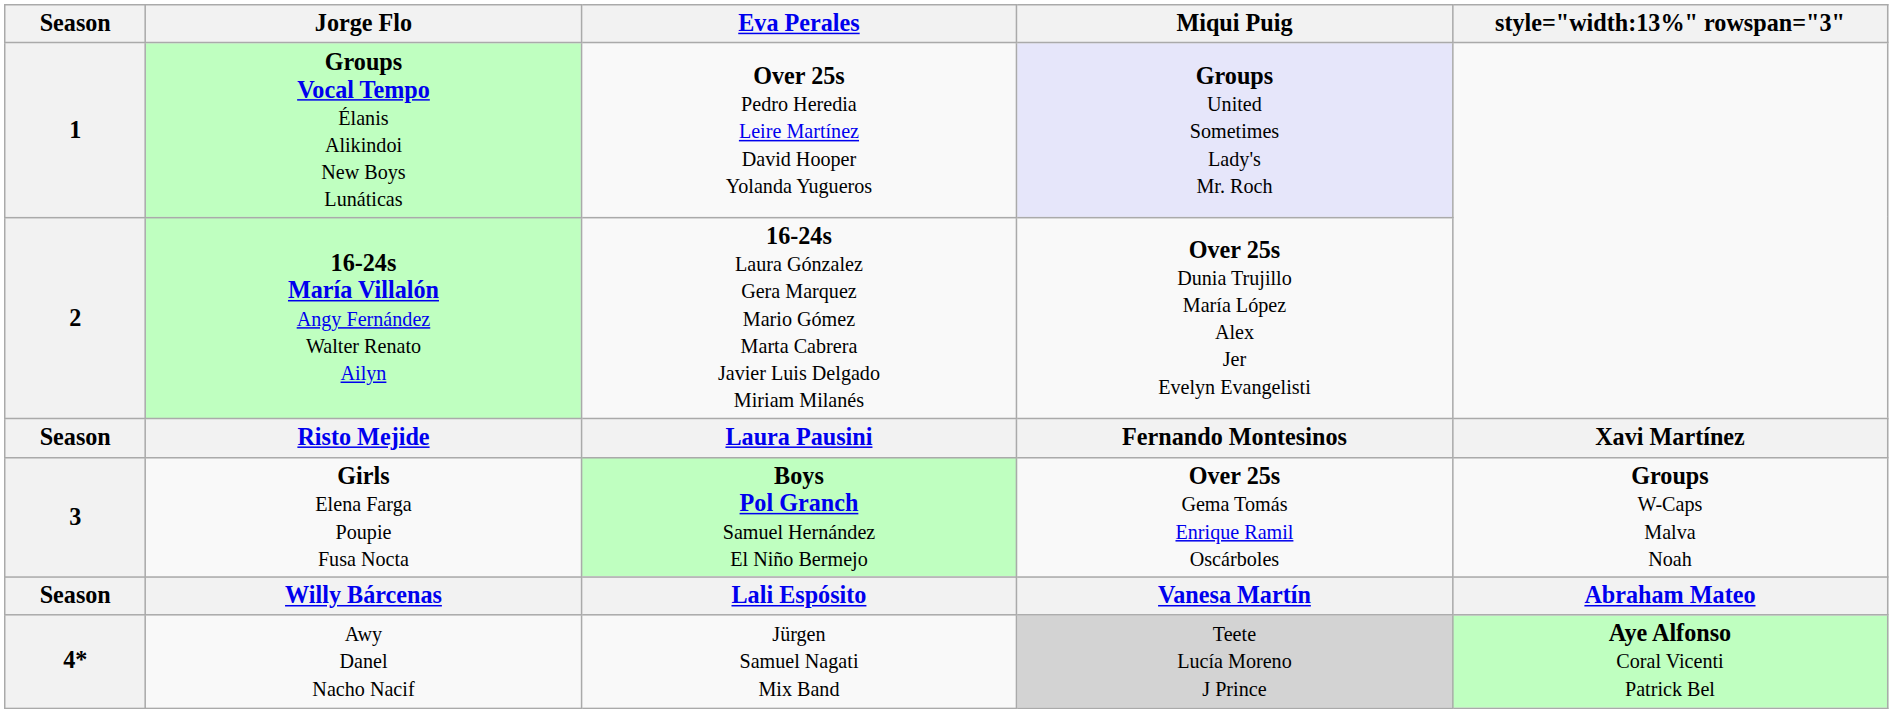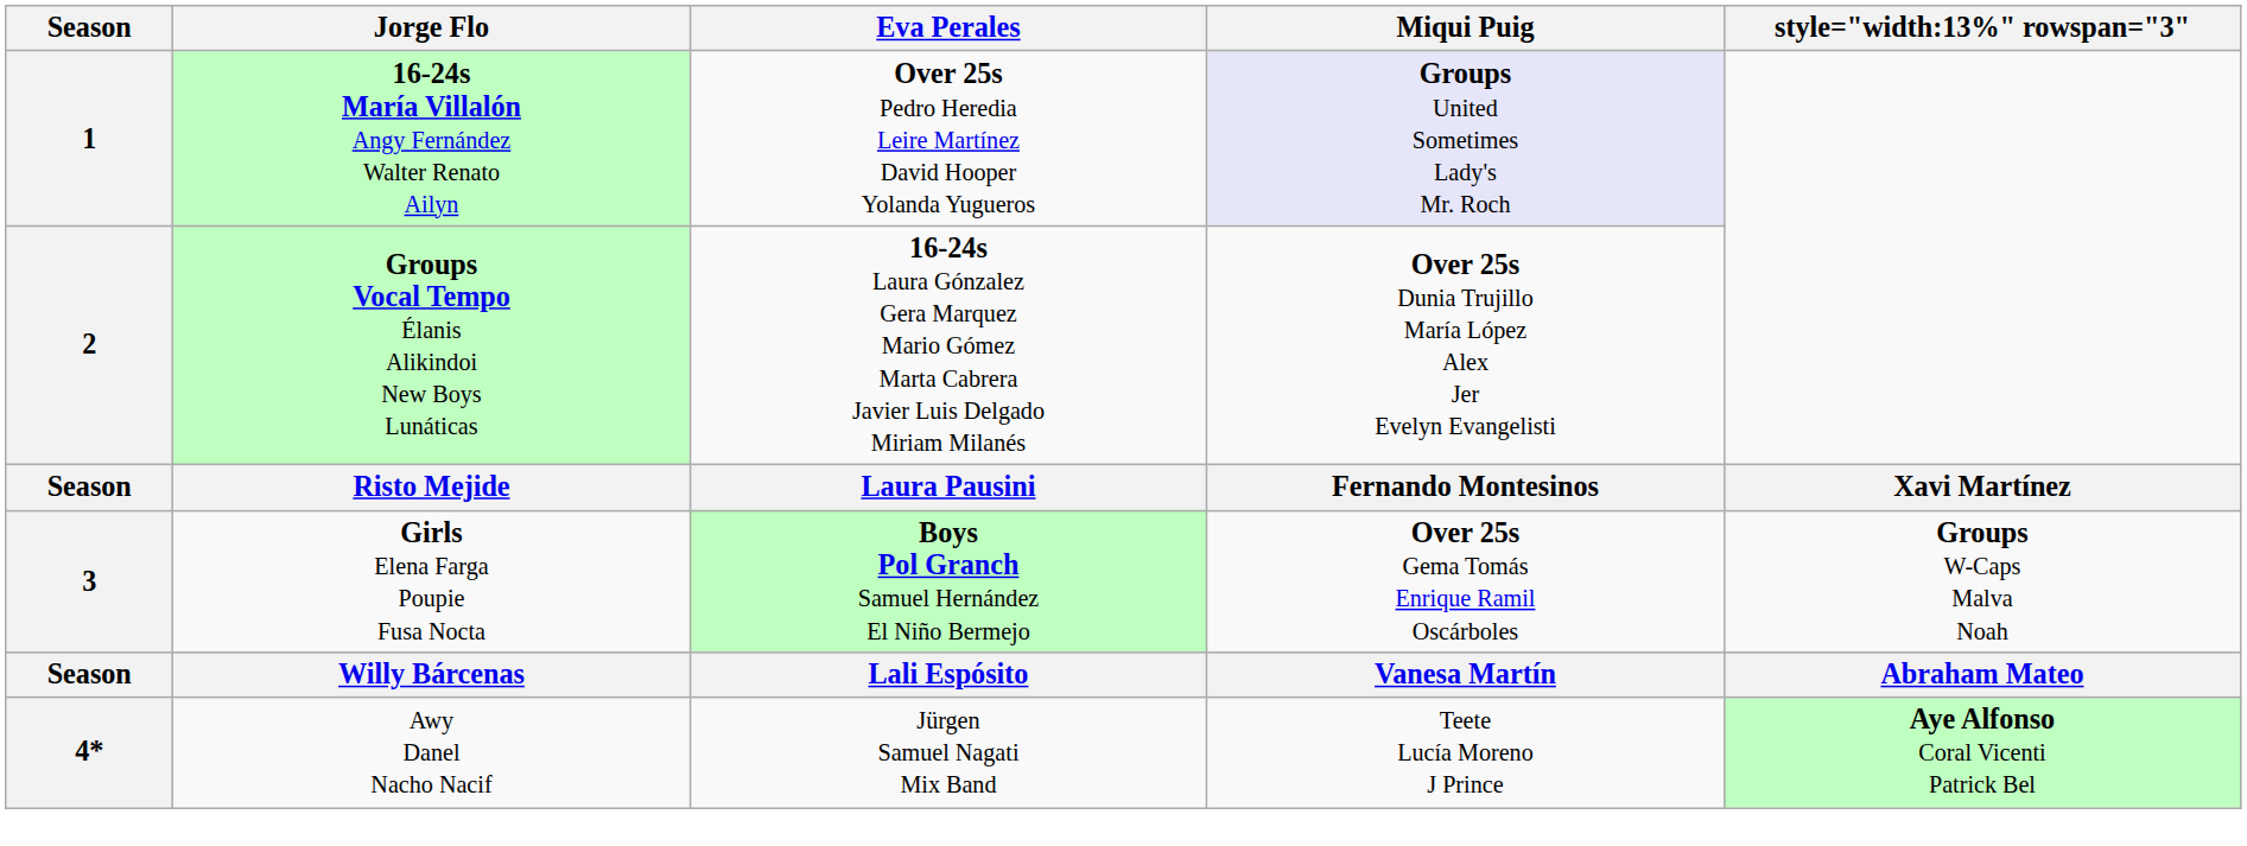 <table class="wikitable" style="text-align:center">
 <tr>
 <th style="width:4%">Season</th>
 <th style="width:13%">Jorge Flo</th>
 <th style="width:13%"><a href='#'>Eva Perales</a></th>
 <th style="width:13%">Miqui Puig</th>
 <th>style="width:13%" rowspan="3" </th>
 </tr>
 <tr>
 <th>1</th>
-<td bgcolor="BFFFC0"><strong>Groups</strong><br><strong><a href='#'>Vocal Tempo</a></strong><br><small>Élanis<br>Alikindoi<br>New Boys<br>Lunáticas</small></td>
+<td bgcolor="BFFFC0"><strong>16-24s</strong><br><strong><a href='#'>María Villalón</a></strong><br><small><a href='#'>Angy Fernández</a><br>Walter Renato<br><a href='#'>Ailyn</a></small></td>
 <td><strong>Over 25s</strong><br><small>Pedro Heredia<br><a href='#'>Leire Martínez</a><br>David Hooper<br>Yolanda Yugueros</small></td>
 <td style="background: lavender;"><strong>Groups</strong><br><small>United<br>Sometimes<br>Lady's<br>Mr. Roch</small></td>
 </tr>
 <tr>
 <th>2</th>
-<td bgcolor="BFFFC0"><strong>16-24s</strong><br><strong><a href='#'>María Villalón</a></strong><br><small><a href='#'>Angy Fernández</a><br>Walter Renato<br><a href='#'>Ailyn</a></small></td>
+<td bgcolor="BFFFC0"><strong>Groups</strong><br><strong><a href='#'>Vocal Tempo</a></strong><br><small>Élanis<br>Alikindoi<br>New Boys<br>Lunáticas</small></td>
 <td><strong>16-24s</strong><br><small>Laura Gónzalez<br>Gera Marquez<br>Mario Gómez<br>Marta Cabrera<br>Javier Luis Delgado<br>Miriam Milanés</small></td>
 <td><strong>Over 25s</strong><br><small>Dunia Trujillo<br>María López<br>Alex<br>Jer<br>Evelyn Evangelisti</small></td>
 </tr>
 <tr>
 <th style="width:4%">Season</th>
 <th style="width:13%"><a href='#'>Risto Mejide</a></th>
 <th style="width:13%"><a href='#'>Laura Pausini</a></th>
 <th style="width:13%">Fernando Montesinos</th>
 <th style="width:13%">Xavi Martínez</th>
 </tr>
 <tr>
 <th>3</th>
 <td><strong>Girls</strong><br><small>Elena Farga<br>Poupie<br>Fusa Nocta</small></td>
 <td bgcolor="BFFFC0"><strong>Boys</strong><br><strong><a href='#'>Pol Granch</a></strong><br><small>Samuel Hernández<br>El Niño Bermejo</small></td>
 <td><strong>Over 25s</strong><br><small>Gema Tomás<br><a href='#'>Enrique Ramil</a><br>Oscárboles</small></td>
 <td><strong>Groups</strong><br><small>W-Caps<br>Malva<br>Noah</small></td>
 </tr>
 <tr>
 <th style="width:4%">Season</th>
 <th style="width:13%"><a href='#'>Willy Bárcenas</a></th>
 <th style="width:13%"><a href='#'>Lali Espósito</a></th>
 <th style="width:13%"><a href='#'>Vanesa Martín</a></th>
 <th style="width:13%"><a href='#'>Abraham Mateo</a></th>
 </tr>
 <tr>
 <th>4*</th>
 <td><small>Awy<br>Danel<br>Nacho Nacif</small></td>
 <td><small>Jürgen<br>Samuel Nagati<br>Mix Band</small></td>
-<td style="background: lightgrey;"><small>Teete<br>Lucía Moreno<br>J Prince</small></td>
+<td><small>Teete<br>Lucía Moreno<br>J Prince</small></td>
 <td bgcolor="BFFFC0"><strong>Aye Alfonso</strong><br><small>Coral Vicenti<br>Patrick Bel</small></td>
 </tr>
 </table>
